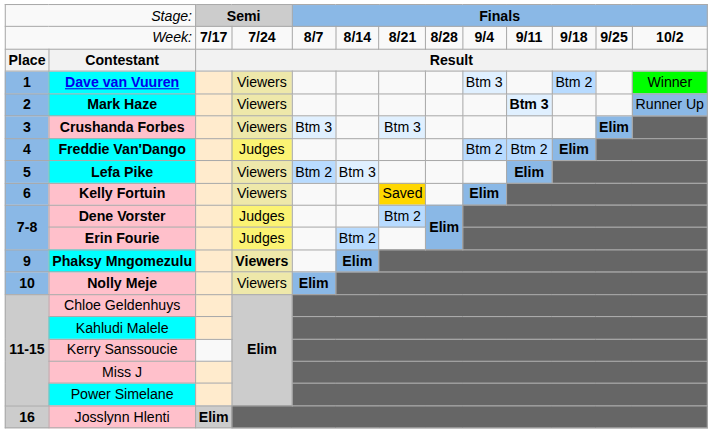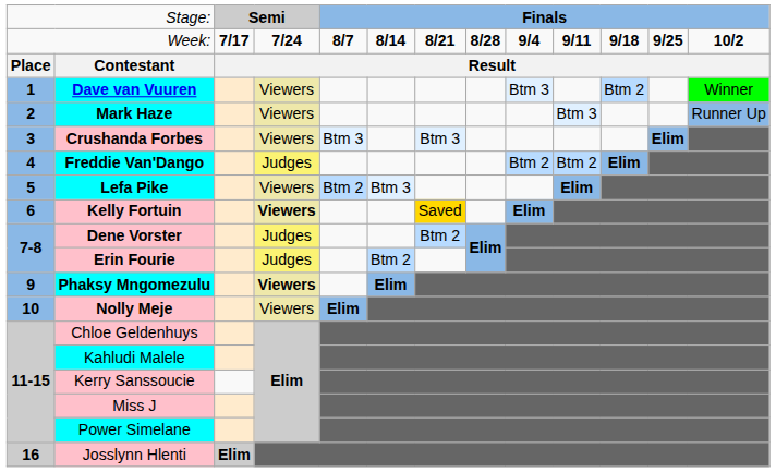 <table class="wikitable" style="margin:1em auto; text-align:center; font-size:85%">
 <tr>
 <td align="right" colspan=2><em>Stage:</em></td>
 <td bgcolor="CCCCCC" colspan=2><strong>Semi</strong></td>
 <td bgcolor="8AB8E6" colspan=9><strong>Finals</strong></td>
 </tr>
 <tr>
 <td align="right" colspan=2><em>Week:</em></td>
 <td><strong>7/17</strong></td>
 <td><strong>7/24</strong></td>
 <td><strong>8/7</strong></td>
 <td><strong>8/14</strong></td>
 <td><strong>8/21</strong></td>
 <td><strong>8/28</strong></td>
 <td><strong>9/4</strong></td>
 <td><strong>9/11</strong></td>
 <td><strong>9/18</strong></td>
 <td><strong>9/25</strong></td>
 <td><strong>10/2</strong></td>
 </tr>
 <tr>
 <th>Place</th>
 <th>Contestant</th>
 <th align="center" colspan=11>Result</th>
 </tr>
 <tr>
 <td bgcolor="8AB8E6"><strong>1</strong></td>
 <td bgcolor="cyan"><strong><a href='#'>Dave van Vuuren</a></strong></td>
 <td bgcolor="#FFEBCD"></td>
 <td bgcolor="palegoldenrod">Viewers</td>
 <td></td>
 <td></td>
 <td></td>
 <td></td>
 <td bgcolor="E0F0FF">Btm 3</td>
 <td></td>
 <td bgcolor="B8DBFF">Btm 2</td>
 <td></td>
 <td bgcolor="lime">Winner</td>
 </tr>
 <tr>
 <td bgcolor="8AB8E6"><strong>2</strong></td>
 <td bgcolor="cyan"><strong>Mark Haze</strong></td>
 <td bgcolor="#FFEBCD"></td>
 <td bgcolor="palegoldenrod">Viewers</td>
 <td></td>
 <td></td>
 <td></td>
 <td></td>
 <td></td>
-<td bgcolor="E0F0FF"><strong>Btm 3</strong></td>
+<td bgcolor="E0F0FF">Btm 3</td>
 <td></td>
 <td></td>
 <td style="background:#8ab8e6;">Runner Up</td>
 </tr>
 <tr>
 <td bgcolor="8AB8E6"><strong>3</strong></td>
 <td bgcolor="pink"><strong>Crushanda Forbes</strong></td>
 <td bgcolor="#FFEBCD"></td>
 <td bgcolor="palegoldenrod">Viewers</td>
 <td bgcolor="E0F0FF">Btm 3</td>
 <td></td>
 <td bgcolor="E0F0FF">Btm 3</td>
 <td></td>
 <td></td>
 <td></td>
 <td></td>
 <td style="background:#8ab8e6;"><strong>Elim</strong></td>
 <td bgcolor="666666"></td>
 </tr>
 <tr>
 <td bgcolor="8AB8E6"><strong>4</strong></td>
 <td bgcolor="cyan"><strong>Freddie Van'Dango</strong></td>
 <td bgcolor="#FFEBCD"></td>
 <td bgcolor="FBF373">Judges</td>
 <td></td>
 <td></td>
 <td></td>
 <td></td>
 <td bgcolor="B8DBFF">Btm 2</td>
 <td bgcolor="B8DBFF">Btm 2</td>
 <td style="background:#8ab8e6;"><strong>Elim</strong></td>
 <td bgcolor="666666" colspan=3></td>
 </tr>
 <tr>
 <td bgcolor="8AB8E6"><strong>5</strong></td>
 <td bgcolor="cyan"><strong>Lefa Pike</strong></td>
 <td bgcolor="#FFEBCD"></td>
 <td bgcolor="palegoldenrod">Viewers</td>
 <td bgcolor="B8DBFF">Btm 2</td>
 <td bgcolor="E0F0FF">Btm 3</td>
 <td></td>
 <td></td>
 <td></td>
 <td style="background:#8ab8e6;"><strong>Elim</strong></td>
 <td bgcolor="666666" colspan=4></td>
 </tr>
 <tr>
 <td bgcolor="8AB8E6"><strong>6</strong></td>
 <td bgcolor="pink"><strong>Kelly Fortuin</strong></td>
 <td bgcolor="#FFEBCD"></td>
-<td bgcolor="palegoldenrod">Viewers</td>
+<td bgcolor="palegoldenrod"><strong>Viewers</strong></td>
 <td></td>
 <td></td>
 <td bgcolor="gold">Saved</td>
 <td></td>
 <td style="background:#8ab8e6;"><strong>Elim</strong></td>
 <td bgcolor="666666" colspan=5></td>
 </tr>
 <tr>
 <td bgcolor="8AB8E6" rowspan="2"><strong>7-8</strong></td>
 <td bgcolor="pink"><strong>Dene Vorster</strong></td>
 <td bgcolor="#FFEBCD"></td>
 <td bgcolor="FBF373">Judges</td>
 <td></td>
 <td></td>
 <td bgcolor="B8DBFF">Btm 2</td>
 <td style="background:#8ab8e6;" rowspan="2"><strong>Elim</strong></td>
 <td bgcolor="666666" colspan=6></td>
 </tr>
 <tr>
 <td bgcolor="pink"><strong>Erin Fourie</strong></td>
 <td bgcolor="#FFEBCD"></td>
 <td bgcolor="FBF373">Judges</td>
 <td></td>
 <td bgcolor="B8DBFF">Btm 2</td>
 <td></td>
 <td bgcolor="666666" colspan=6></td>
 </tr>
 <tr>
 <td bgcolor="8AB8E6"><strong>9</strong></td>
 <td bgcolor="cyan"><strong>Phaksy Mngomezulu</strong></td>
 <td bgcolor="#FFEBCD"></td>
 <td bgcolor="palegoldenrod"><strong>Viewers</strong></td>
 <td></td>
 <td style="background:#8ab8e6;"><strong>Elim</strong></td>
 <td bgcolor="666666" colspan=7></td>
 </tr>
 <tr>
 <td bgcolor="8AB8E6"><strong>10</strong></td>
 <td bgcolor="pink"><strong>Nolly Meje</strong></td>
 <td bgcolor="#FFEBCD"></td>
 <td bgcolor="palegoldenrod">Viewers</td>
 <td style="background:#8ab8e6;"><strong>Elim</strong></td>
 <td bgcolor="666666" colspan=8></td>
 </tr>
 <tr>
 <td rowspan=5 bgcolor="CCCCCC"><strong>11-15</strong></td>
 <td bgcolor="pink">Chloe Geldenhuys</td>
 <td bgcolor="#FFEBCD"></td>
 <td rowspan=5 bgcolor="CCCCCC"><strong>Elim</strong></td>
 <td bgcolor="666666" colspan=9></td>
 </tr>
 <tr>
 <td bgcolor="cyan">Kahludi Malele</td>
 <td bgcolor="#FFEBCD"></td>
 <td bgcolor="666666" colspan=9></td>
 </tr>
 <tr>
 <td bgcolor="pink">Kerry Sanssoucie</td>
 <td></td>
 <td bgcolor="666666" colspan=10></td>
 </tr>
 <tr>
 <td bgcolor="pink">Miss J</td>
 <td bgcolor="#FFEBCD"></td>
 <td bgcolor="666666" colspan=9></td>
 </tr>
 <tr>
 <td bgcolor="cyan">Power Simelane</td>
 <td bgcolor="#FFEBCD"></td>
 <td bgcolor="666666" colspan=9></td>
 </tr>
 <tr>
 <td bgcolor="CCCCCC"><strong>16</strong></td>
 <td bgcolor="pink">Josslynn Hlenti</td>
 <td bgcolor="CCCCCC"><strong>Elim</strong></td>
 <td bgcolor="666666" colspan=10></td>
 </tr>
 </table>
